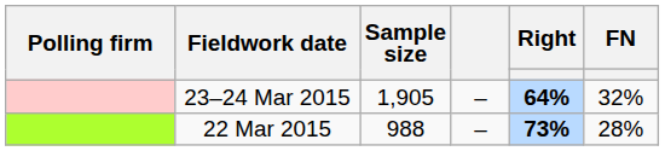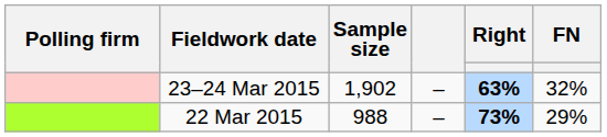 <table class="wikitable sortable" style="text-align:center;font-size:90%;line-height:14px;">
 <tr style="height:40px;">
 <th style="width:100px;" rowspan="2">Polling firm</th>
 <th style="width:110px;" rowspan="2">Fieldwork date</th>
 <th style="width:35px;" rowspan="2">Sample<br>size</th>
 <th style="width:30px;" rowspan="2"></th>
 <th class="unsortable" style="width:40px;">Right</th>
 <th class="unsortable" style="width:40px;">FN</th>
 </tr>
 <tr>
 <th style="background:"></th>
 <th style="background:"></th>
 </tr>
 <tr>
 <td style="background:#FFCCCC;"></td>
 <td data-sort-value="2015-03-24">23–24 Mar 2015</td>
-<td>1,905</td>
+<td>1,902</td>
 <td>–</td>
-<td style="background:#B9DAFF;"><strong>64%</strong></td>
+<td style="background:#B9DAFF;"><strong>63%</strong></td>
 <td>32%</td>
 </tr>
 <tr>
 <td style="background:GreenYellow;"></td>
 <td data-sort-value="2015-03-22">22 Mar 2015</td>
 <td>988</td>
 <td>–</td>
 <td style="background:#B9DAFF;"><strong>73%</strong></td>
-<td>28%</td>
+<td>29%</td>
 </tr>
 </table>
